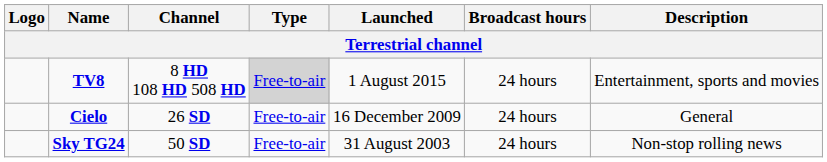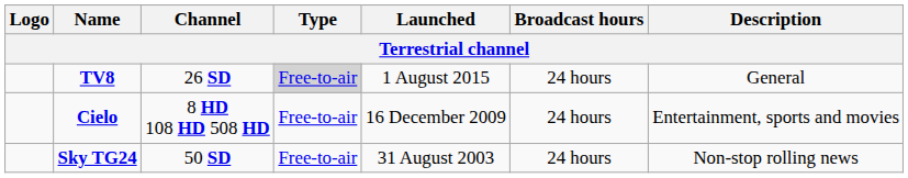 <table class="wikitable" style="text-align:center">
 <tr>
 <th>Logo</th>
 <th>Name</th>
 <th>Channel</th>
 <th>Type</th>
 <th>Launched</th>
 <th>Broadcast hours</th>
 <th>Description</th>
 </tr>
 <tr>
 <th colspan="7"><a href='#'>Terrestrial channel</a></th>
 </tr>
 <tr>
 <td></td>
 <td><strong><a href='#'>TV8</a></strong></td>
-<td>8 <strong><a href='#'>HD</a></strong><br>108 <strong><a href='#'>HD</a></strong>  508 <strong><a href='#'>HD</a></strong></td>
+<td>26 <strong><a href='#'>SD</a></strong></td>
 <td style="background: lightgrey;"><a href='#'>Free-to-air</a></td>
 <td>1 August 2015</td>
 <td>24 hours</td>
-<td>Entertainment, sports and movies</td>
+<td>General</td>
 </tr>
 <tr>
 <td></td>
 <td><strong><a href='#'>Cielo</a></strong></td>
-<td>26 <strong><a href='#'>SD</a></strong></td>
+<td>8 <strong><a href='#'>HD</a></strong><br>108 <strong><a href='#'>HD</a></strong>  508 <strong><a href='#'>HD</a></strong></td>
 <td><a href='#'>Free-to-air</a></td>
 <td>16 December 2009</td>
 <td>24 hours</td>
-<td>General</td>
+<td>Entertainment, sports and movies</td>
 </tr>
 <tr>
 <td></td>
 <td><strong><a href='#'>Sky TG24</a></strong></td>
 <td>50 <strong><a href='#'>SD</a></strong></td>
 <td><a href='#'>Free-to-air</a></td>
 <td>31 August 2003</td>
 <td>24 hours</td>
 <td>Non-stop rolling news</td>
 </tr>
 </table>
